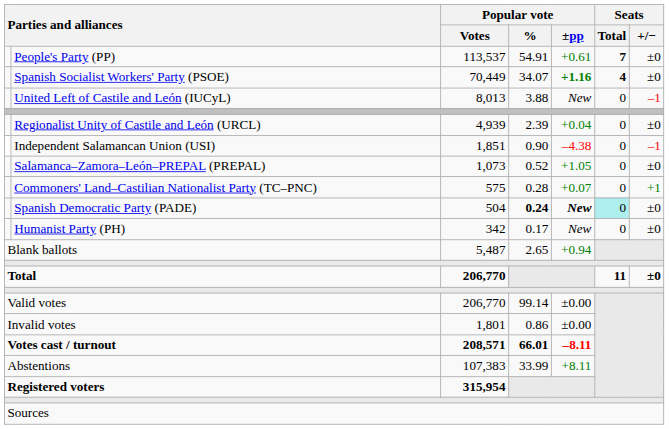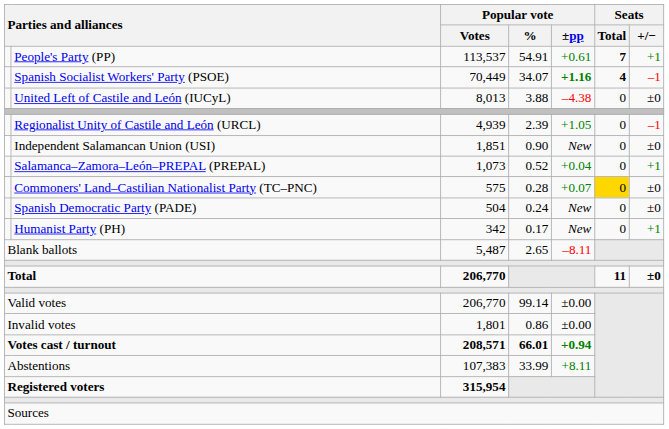 <table class="wikitable" style="text-align:right;">
 <tr>
 <th style="text-align:left;" rowspan="2" colspan="2" width="525">Parties and alliances</th>
 <th colspan="3">Popular vote</th>
 <th colspan="2">Seats</th>
 </tr>
 <tr>
 <th width="75">Votes</th>
 <th width="45">%</th>
 <th width="45">±<a href='#'>pp</a></th>
 <th width="35">Total</th>
 <th width="35">+/−</th>
 </tr>
 <tr>
 <td width="1" style="color:inherit;background:"></td>
 <td align="left"><a href='#'>People's Party</a> (PP)</td>
 <td>113,537</td>
 <td>54.91</td>
 <td style="color:green;">+0.61</td>
 <td><strong>7</strong></td>
-<td>±0</td>
+<td style="color:green;">+1</td>
 </tr>
 <tr>
 <td style="color:inherit;background:"></td>
 <td align="left"><a href='#'>Spanish Socialist Workers' Party</a> (PSOE)</td>
 <td>70,449</td>
 <td>34.07</td>
 <td style="color:green;"><strong>+1.16</strong></td>
 <td><strong>4</strong></td>
-<td>±0</td>
+<td style="color:red;">–1</td>
 </tr>
 <tr>
 <td style="color:inherit;background:"></td>
 <td align="left"><a href='#'>United Left of Castile and León</a> (IUCyL)</td>
 <td>8,013</td>
 <td>3.88</td>
-<td><em>New</em></td>
+<td style="color:red;">–4.38</td>
 <td>0</td>
-<td style="color:red;">–1</td>
+<td>±0</td>
 </tr>
 <tr>
 <td colspan="7" bgcolor="#C0C0C0"></td>
 </tr>
 <tr>
 <td style="color:inherit;background:"></td>
 <td align="left"><a href='#'>Regionalist Unity of Castile and León</a> (URCL)</td>
 <td>4,939</td>
 <td>2.39</td>
-<td style="color:green;">+0.04</td>
+<td style="color:green;">+1.05</td>
 <td>0</td>
-<td>±0</td>
+<td style="color:red;">–1</td>
 </tr>
 <tr>
 <td bgcolor="white"></td>
 <td align="left">Independent Salamancan Union (USI)</td>
 <td>1,851</td>
 <td>0.90</td>
-<td style="color:red;">–4.38</td>
+<td><em>New</em></td>
 <td>0</td>
-<td style="color:red;">–1</td>
+<td>±0</td>
 </tr>
 <tr>
 <td style="color:inherit;background:"></td>
 <td align="left"><a href='#'>Salamanca–Zamora–León–PREPAL</a> (PREPAL)</td>
 <td>1,073</td>
 <td>0.52</td>
-<td style="color:green;">+1.05</td>
+<td style="color:green;">+0.04</td>
 <td>0</td>
-<td>±0</td>
+<td style="color:green;">+1</td>
 </tr>
 <tr>
 <td style="color:inherit;background:"></td>
 <td align="left"><a href='#'>Commoners' Land–Castilian Nationalist Party</a> (TC–PNC)</td>
 <td>575</td>
 <td>0.28</td>
 <td style="color:green;">+0.07</td>
-<td>0</td>
-<td style="color:green;">+1</td>
+<td style="background: gold;">0</td>
+<td>±0</td>
 </tr>
 <tr>
 <td style="color:inherit;background:"></td>
 <td align="left"><a href='#'>Spanish Democratic Party</a> (PADE)</td>
 <td>504</td>
-<td><strong>0.24</strong></td>
-<td><strong><em>New</em></strong></td>
-<td style="background: paleturquoise;">0</td>
+<td>0.24</td>
+<td><em>New</em></td>
+<td>0</td>
 <td>±0</td>
 </tr>
 <tr>
 <td style="color:inherit;background:"></td>
 <td align="left"><a href='#'>Humanist Party</a> (PH)</td>
 <td>342</td>
 <td>0.17</td>
 <td><em>New</em></td>
 <td>0</td>
-<td>±0</td>
+<td style="color:green;">+1</td>
 </tr>
 <tr>
 <td align="left" colspan="2">Blank ballots</td>
 <td>5,487</td>
 <td>2.65</td>
-<td style="color:green;">+0.94</td>
+<td style="color:red;">–8.11</td>
 <td bgcolor="#E9E9E9" colspan="2"></td>
 </tr>
 <tr>
 <td colspan="7" bgcolor="#E9E9E9"></td>
 </tr>
 <tr style="font-weight:bold;">
 <td align="left" colspan="2">Total</td>
 <td>206,770</td>
 <td bgcolor="#E9E9E9" colspan="2"></td>
 <td>11</td>
 <td>±0</td>
 </tr>
 <tr>
 <td colspan="7" bgcolor="#E9E9E9"></td>
 </tr>
 <tr>
 <td align="left" colspan="2">Valid votes</td>
 <td>206,770</td>
 <td>99.14</td>
 <td>±0.00</td>
 <td bgcolor="#E9E9E9" colspan="2" rowspan="5"></td>
 </tr>
 <tr>
 <td align="left" colspan="2">Invalid votes</td>
 <td>1,801</td>
 <td>0.86</td>
 <td>±0.00</td>
 </tr>
 <tr style="font-weight:bold;">
 <td align="left" colspan="2">Votes cast / turnout</td>
 <td>208,571</td>
 <td>66.01</td>
-<td style="color:red;">–8.11</td>
+<td style="color:green;">+0.94</td>
 </tr>
 <tr>
 <td align="left" colspan="2">Abstentions</td>
 <td>107,383</td>
 <td>33.99</td>
 <td style="color:green;">+8.11</td>
 </tr>
 <tr style="font-weight:bold;">
 <td align="left" colspan="2">Registered voters</td>
 <td>315,954</td>
 <td bgcolor="#E9E9E9" colspan="2"></td>
 </tr>
 <tr>
 <td colspan="7" bgcolor="#E9E9E9"></td>
 </tr>
 <tr>
 <td align="left" colspan="7">Sources</td>
 </tr>
 </table>
